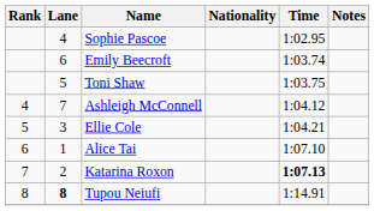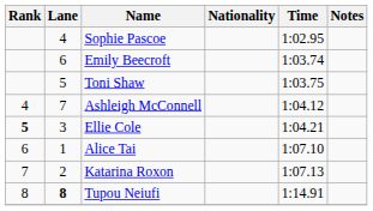 <table class="wikitable sortable" style="text-align:center">
 <tr>
 <th>Rank</th>
 <th>Lane</th>
 <th>Name</th>
 <th>Nationality</th>
 <th>Time</th>
 <th>Notes</th>
 </tr>
 <tr>
 <td></td>
 <td>4</td>
 <td align=left><a href='#'>Sophie Pascoe</a></td>
 <td align=left></td>
 <td>1:02.95</td>
 <td></td>
 </tr>
 <tr>
 <td></td>
 <td>6</td>
 <td align=left><a href='#'>Emily Beecroft</a></td>
 <td align=left></td>
 <td>1:03.74</td>
 <td></td>
 </tr>
 <tr>
 <td></td>
 <td>5</td>
 <td align=left><a href='#'>Toni Shaw</a></td>
 <td align=left></td>
 <td>1:03.75</td>
 <td></td>
 </tr>
 <tr>
 <td>4</td>
 <td>7</td>
 <td align=left><a href='#'>Ashleigh McConnell</a></td>
 <td align=left></td>
 <td>1:04.12</td>
 <td></td>
 </tr>
 <tr>
-<td>5</td>
+<td><strong>5</strong></td>
 <td>3</td>
 <td align=left><a href='#'>Ellie Cole</a></td>
 <td align=left></td>
 <td>1:04.21</td>
 <td></td>
 </tr>
 <tr>
 <td>6</td>
 <td>1</td>
 <td align=left><a href='#'>Alice Tai</a></td>
 <td align=left></td>
 <td>1:07.10</td>
 <td></td>
 </tr>
 <tr>
 <td>7</td>
 <td>2</td>
 <td align=left><a href='#'>Katarina Roxon</a></td>
 <td align=left></td>
-<td><strong>1:07.13</strong></td>
+<td>1:07.13</td>
 <td></td>
 </tr>
 <tr>
 <td>8</td>
 <td><strong>8</strong></td>
 <td align=left><a href='#'>Tupou Neiufi</a></td>
 <td align=left></td>
 <td>1:14.91</td>
 <td></td>
 </tr>
 <tr>
 </tr>
 </table>
